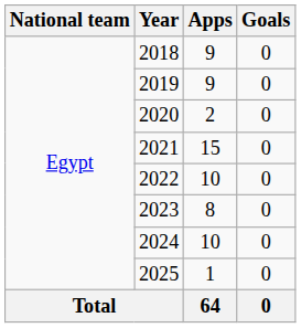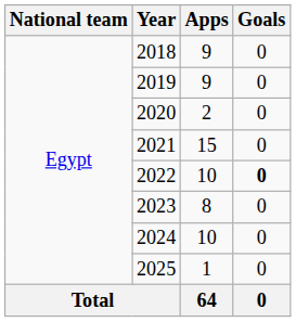 <table class="wikitable" style="text-align:center">
 <tr>
 <th>National team</th>
 <th>Year</th>
 <th>Apps</th>
 <th>Goals</th>
 </tr>
 <tr>
 <td rowspan="8"><a href='#'>Egypt</a></td>
 <td>2018</td>
 <td>9</td>
 <td>0</td>
 </tr>
 <tr>
 <td>2019</td>
 <td>9</td>
 <td>0</td>
 </tr>
 <tr>
 <td>2020</td>
 <td>2</td>
 <td>0</td>
 </tr>
 <tr>
 <td>2021</td>
 <td>15</td>
 <td>0</td>
 </tr>
 <tr>
 <td>2022</td>
 <td>10</td>
-<td>0</td>
+<td><strong>0</strong></td>
 </tr>
 <tr>
 <td>2023</td>
 <td>8</td>
 <td>0</td>
 </tr>
 <tr>
 <td>2024</td>
 <td>10</td>
 <td>0</td>
 </tr>
 <tr>
 <td>2025</td>
 <td>1</td>
 <td>0</td>
 </tr>
 <tr>
 <th colspan="2">Total</th>
 <th>64</th>
 <th>0</th>
 </tr>
 </table>
